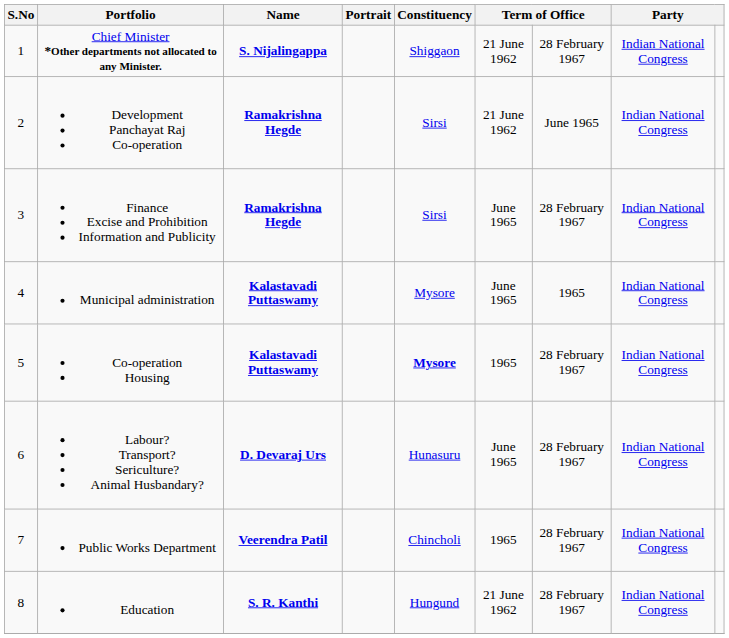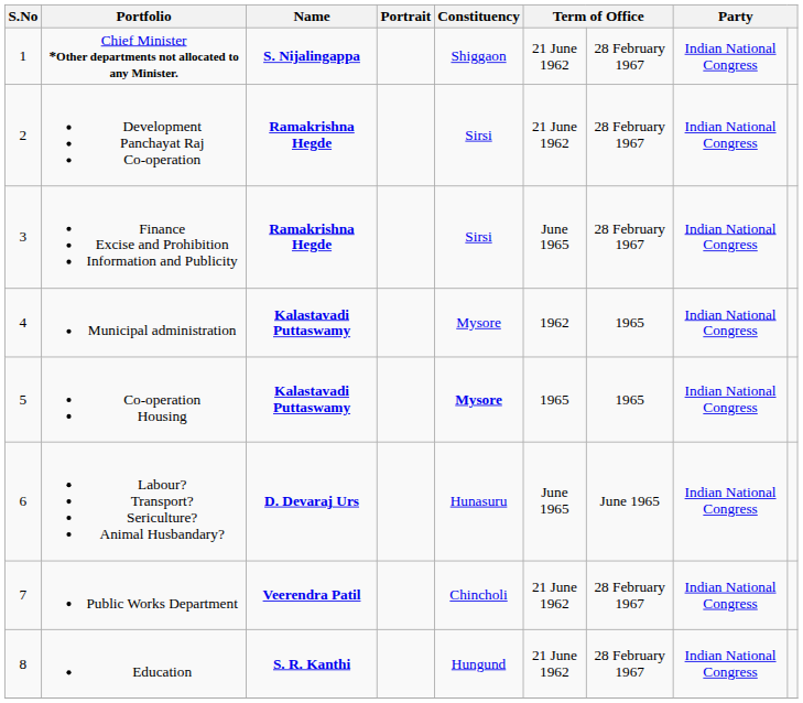 <table class="wikitable sortable" style="text-align:center;">
 <tr>
 <th>S.No</th>
 <th>Portfolio</th>
 <th>Name</th>
 <th>Portrait</th>
 <th>Constituency</th>
 <th colspan="2">Term of Office</th>
 <th colspan="2" scope="col">Party</th>
 </tr>
 <tr>
 <td>1</td>
 <td><a href='#'>Chief Minister</a><br><strong>*<small>Other departments not allocated to any Minister.</small></strong></td>
 <td><strong><a href='#'>S. Nijalingappa</a></strong><br></td>
 <td></td>
 <td><a href='#'>Shiggaon</a></td>
 <td>21 June 1962</td>
 <td>28 February 1967</td>
 <td><a href='#'>Indian National Congress</a></td>
 <td width="4px" style="background-color: "></td>
 </tr>
 <tr>
 <td>2</td>
 <td><br><ul><li>Development</li><li>Panchayat Raj</li><li>Co-operation</li></ul></td>
 <td><strong><a href='#'>Ramakrishna Hegde</a></strong></td>
 <td></td>
 <td><a href='#'>Sirsi</a></td>
 <td>21 June 1962</td>
-<td>June 1965</td>
+<td>28 February 1967</td>
 <td><a href='#'>Indian National Congress</a></td>
 <td width="4px" style="background-color: "></td>
 </tr>
 <tr>
 <td>3</td>
 <td><br><ul><li>Finance</li><li>Excise and Prohibition</li><li>Information and Publicity</li></ul></td>
 <td><strong><a href='#'>Ramakrishna Hegde</a></strong></td>
 <td></td>
 <td><a href='#'>Sirsi</a></td>
 <td>June 1965</td>
 <td>28 February 1967</td>
 <td><a href='#'>Indian National Congress</a></td>
 <td width="4px" style="background-color: "></td>
 </tr>
 <tr style="text-align:center">
 <td>4</td>
 <td><br><ul><li>Municipal administration</li></ul></td>
 <td><strong><a href='#'>Kalastavadi Puttaswamy</a></strong></td>
 <td></td>
 <td><a href='#'>Mysore</a></td>
-<td>June 1965</td>
+<td>1962</td>
 <td>1965</td>
 <td><a href='#'>Indian National Congress</a></td>
 <td width="4px" style="background-color: "></td>
 </tr>
 <tr>
 <td>5</td>
 <td><br><ul><li>Co-operation</li><li>Housing</li></ul></td>
 <td><strong><a href='#'>Kalastavadi Puttaswamy</a></strong></td>
 <td></td>
 <td><strong><a href='#'>Mysore</a></strong></td>
 <td>1965</td>
-<td>28 February 1967</td>
+<td>1965</td>
 <td><a href='#'>Indian National Congress</a></td>
 <td width="4px" style="background-color: "></td>
 </tr>
 <tr>
 <td>6</td>
 <td><br><ul><li>Labour?</li><li>Transport?</li><li>Sericulture?</li><li>Animal Husbandary?</li></ul></td>
 <td><strong><a href='#'>D. Devaraj Urs</a></strong></td>
 <td></td>
 <td><a href='#'>Hunasuru</a></td>
 <td>June 1965</td>
-<td>28 February 1967</td>
+<td>June 1965</td>
 <td><a href='#'>Indian National Congress</a></td>
 <td width="4px" style="background-color: "></td>
 </tr>
 <tr>
 <td>7</td>
 <td><br><ul><li>Public Works Department</li></ul></td>
 <td><strong><a href='#'>Veerendra Patil</a></strong></td>
 <td></td>
 <td><a href='#'>Chincholi</a></td>
-<td>1965</td>
+<td>21 June 1962</td>
 <td>28 February 1967</td>
 <td><a href='#'>Indian National Congress</a></td>
 <td width="4px" style="background-color: "></td>
 </tr>
 <tr>
 <td>8</td>
 <td><br><ul><li>Education</li></ul></td>
 <td><strong><a href='#'>S. R. Kanthi</a></strong></td>
 <td></td>
 <td><a href='#'>Hungund</a></td>
 <td>21 June 1962</td>
 <td>28 February 1967</td>
 <td><a href='#'>Indian National Congress</a></td>
 <td width="4px" style="background-color: "></td>
 </tr>
 <tr style="text-align:center">
 </tr>
 </table>
